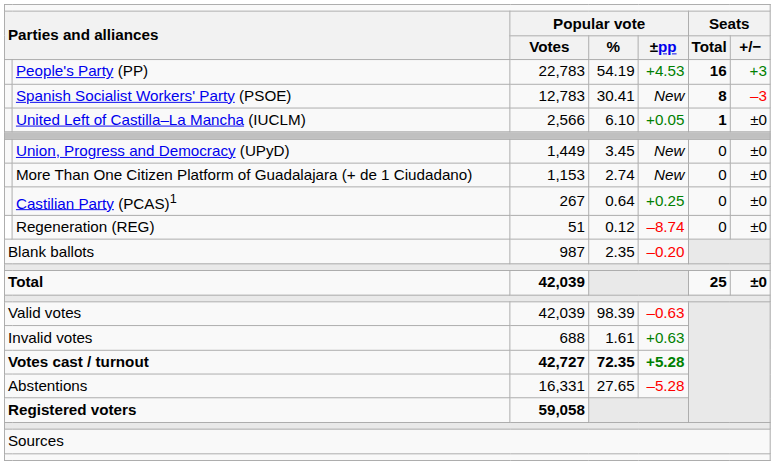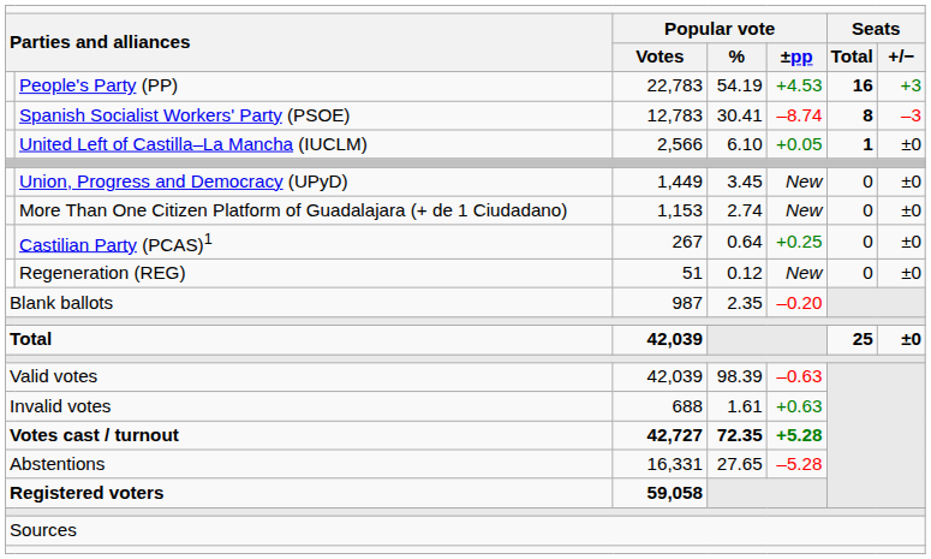 <table class="wikitable" style="text-align:right;">
 <tr>
 <td colspan="7"></td>
 </tr>
 <tr>
 <th style="text-align:left;" rowspan="2" colspan="2" width="525">Parties and alliances</th>
 <th colspan="3">Popular vote</th>
 <th colspan="2">Seats</th>
 </tr>
 <tr>
 <th width="75">Votes</th>
 <th width="45">%</th>
 <th width="45">±<a href='#'>pp</a></th>
 <th width="35">Total</th>
 <th width="35">+/−</th>
 </tr>
 <tr>
 <td width="1" style="color:inherit;background:"></td>
 <td align="left"><a href='#'>People's Party</a> (PP)</td>
 <td>22,783</td>
 <td>54.19</td>
 <td style="color:green;">+4.53</td>
 <td><strong>16</strong></td>
 <td style="color:green;">+3</td>
 </tr>
 <tr>
 <td style="color:inherit;background:"></td>
 <td align="left"><a href='#'>Spanish Socialist Workers' Party</a> (PSOE)</td>
 <td>12,783</td>
 <td>30.41</td>
-<td><em>New</em></td>
+<td style="color:red;">–8.74</td>
 <td><strong>8</strong></td>
 <td style="color:red;">–3</td>
 </tr>
 <tr>
 <td style="color:inherit;background:"></td>
 <td align="left"><a href='#'>United Left of Castilla–La Mancha</a> (IUCLM)</td>
 <td>2,566</td>
 <td>6.10</td>
 <td style="color:green;">+0.05</td>
 <td><strong>1</strong></td>
 <td>±0</td>
 </tr>
 <tr>
 <td colspan="7" bgcolor="#C0C0C0"></td>
 </tr>
 <tr>
 <td style="color:inherit;background:"></td>
 <td align="left"><a href='#'>Union, Progress and Democracy</a> (UPyD)</td>
 <td>1,449</td>
 <td>3.45</td>
 <td><em>New</em></td>
 <td>0</td>
 <td>±0</td>
 </tr>
 <tr>
 <td style="color:inherit;background:"></td>
 <td align="left">More Than One Citizen Platform of Guadalajara (+ de 1 Ciudadano)</td>
 <td>1,153</td>
 <td>2.74</td>
 <td><em>New</em></td>
 <td>0</td>
 <td>±0</td>
 </tr>
 <tr>
 <td style="color:inherit;background:"></td>
 <td align="left"><a href='#'>Castilian Party</a> (PCAS)<sup>1</sup></td>
 <td>267</td>
 <td>0.64</td>
 <td style="color:green;">+0.25</td>
 <td>0</td>
 <td>±0</td>
 </tr>
 <tr>
 <td bgcolor="white"></td>
 <td align="left">Regeneration (REG)</td>
 <td>51</td>
 <td>0.12</td>
-<td style="color:red;">–8.74</td>
+<td><em>New</em></td>
 <td>0</td>
 <td>±0</td>
 </tr>
 <tr>
 <td align="left" colspan="2">Blank ballots</td>
 <td>987</td>
 <td>2.35</td>
 <td style="color:red;">–0.20</td>
 <td bgcolor="#E9E9E9" colspan="2"></td>
 </tr>
 <tr>
 <td colspan="7" bgcolor="#E9E9E9"></td>
 </tr>
 <tr style="font-weight:bold;">
 <td align="left" colspan="2">Total</td>
 <td>42,039</td>
 <td bgcolor="#E9E9E9" colspan="2"></td>
 <td>25</td>
 <td>±0</td>
 </tr>
 <tr>
 <td colspan="7" bgcolor="#E9E9E9"></td>
 </tr>
 <tr>
 <td align="left" colspan="2">Valid votes</td>
 <td>42,039</td>
 <td>98.39</td>
 <td style="color:red;">–0.63</td>
 <td bgcolor="#E9E9E9" colspan="2" rowspan="5"></td>
 </tr>
 <tr>
 <td align="left" colspan="2">Invalid votes</td>
 <td>688</td>
 <td>1.61</td>
 <td style="color:green;">+0.63</td>
 </tr>
 <tr style="font-weight:bold;">
 <td align="left" colspan="2">Votes cast / turnout</td>
 <td>42,727</td>
 <td>72.35</td>
 <td style="color:green;">+5.28</td>
 </tr>
 <tr>
 <td align="left" colspan="2">Abstentions</td>
 <td>16,331</td>
 <td>27.65</td>
 <td style="color:red;">–5.28</td>
 </tr>
 <tr style="font-weight:bold;">
 <td align="left" colspan="2">Registered voters</td>
 <td>59,058</td>
 <td bgcolor="#E9E9E9" colspan="2"></td>
 </tr>
 <tr>
 <td colspan="7" bgcolor="#E9E9E9"></td>
 </tr>
 <tr>
 <td align="left" colspan="7">Sources</td>
 </tr>
 <tr>
 <td colspan="7" style="text-align:left; max-width:790px;"></td>
 </tr>
 </table>
